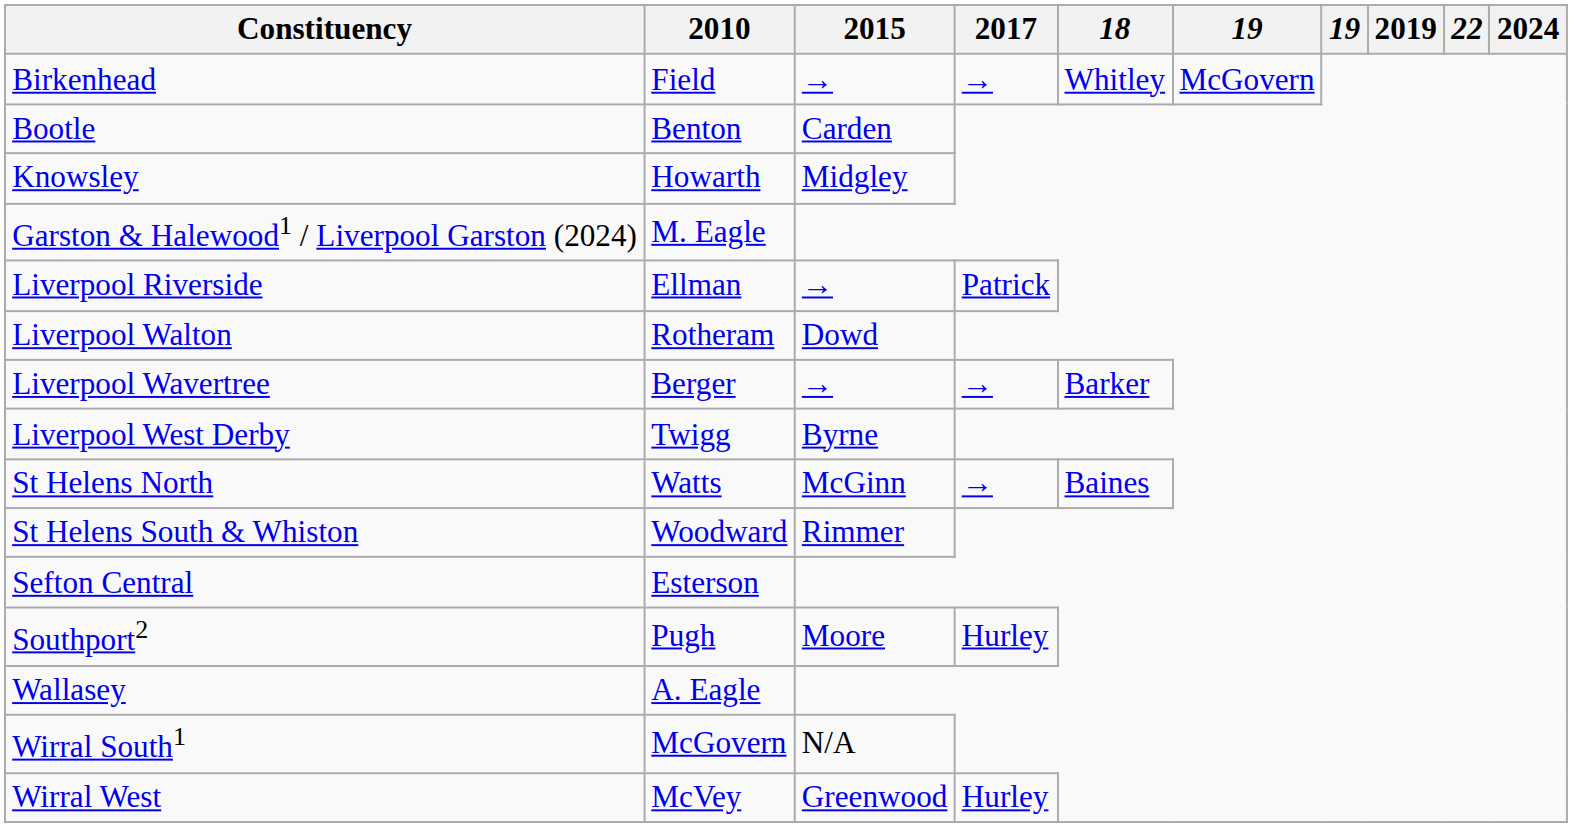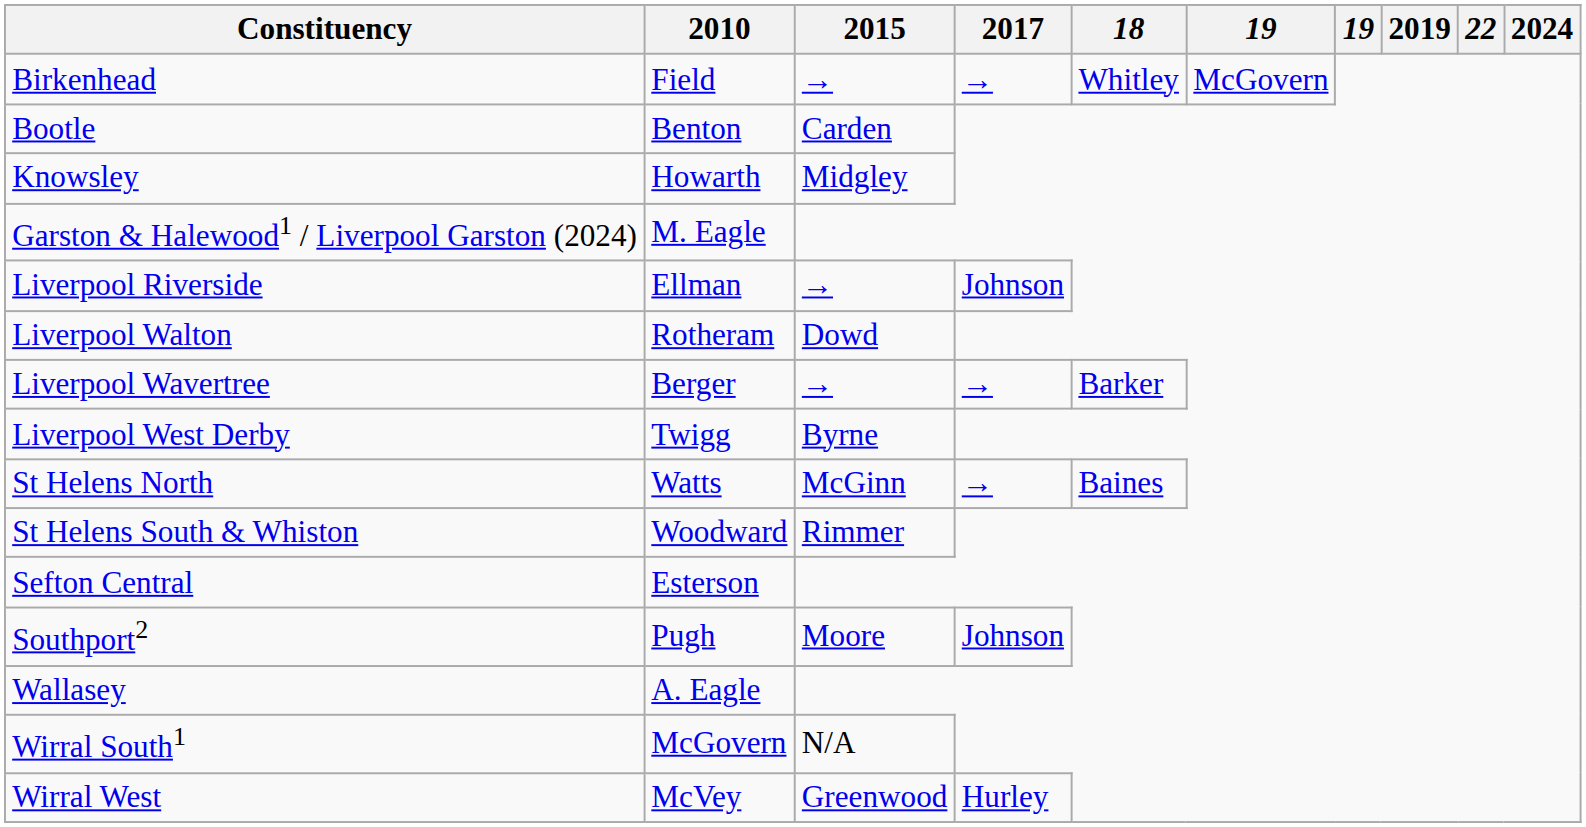 <table class="wikitable">
 <tr>
 <th>Constituency</th>
 <th>2010</th>
 <th>2015</th>
 <th>2017</th>
 <th><em>18</em></th>
 <th><em>19</em></th>
 <th><em>19</em></th>
 <th>2019</th>
 <th><em>22</em></th>
 <th>2024</th>
 </tr>
 <tr>
 <td><a href='#'>Birkenhead</a></td>
 <td><a href='#'>Field</a></td>
 <td><a href='#'>→</a></td>
 <td><a href='#'>→</a></td>
 <td><a href='#'>Whitley</a></td>
 <td><a href='#'>McGovern</a></td>
 </tr>
 <tr>
 <td><a href='#'>Bootle</a></td>
 <td><a href='#'>Benton</a></td>
 <td><a href='#'>Carden</a></td>
 </tr>
 <tr>
 <td><a href='#'>Knowsley</a></td>
 <td><a href='#'>Howarth</a></td>
 <td><a href='#'>Midgley</a></td>
 </tr>
 <tr>
 <td><a href='#'>Garston & Halewood</a><sup>1</sup> / <a href='#'>Liverpool Garston</a> (2024)</td>
 <td><a href='#'>M. Eagle</a></td>
 </tr>
 <tr>
 <td><a href='#'>Liverpool Riverside</a></td>
 <td><a href='#'>Ellman</a></td>
 <td><a href='#'>→</a></td>
-<td><a href='#'>Patrick</a></td>
+<td><a href='#'>Johnson</a></td>
 </tr>
 <tr>
 <td><a href='#'>Liverpool Walton</a></td>
 <td><a href='#'>Rotheram</a></td>
 <td><a href='#'>Dowd</a></td>
 </tr>
 <tr>
 <td><a href='#'>Liverpool Wavertree</a></td>
 <td><a href='#'>Berger</a></td>
 <td><a href='#'>→</a></td>
 <td><a href='#'>→</a></td>
 <td><a href='#'>Barker</a></td>
 </tr>
 <tr>
 <td><a href='#'>Liverpool West Derby</a></td>
 <td><a href='#'>Twigg</a></td>
 <td><a href='#'>Byrne</a></td>
 </tr>
 <tr>
 <td><a href='#'>St Helens North</a></td>
 <td><a href='#'>Watts</a></td>
 <td><a href='#'>McGinn</a></td>
 <td><a href='#'>→</a></td>
 <td><a href='#'>Baines</a></td>
 </tr>
 <tr>
 <td><a href='#'>St Helens South & Whiston</a></td>
 <td><a href='#'>Woodward</a></td>
 <td><a href='#'>Rimmer</a></td>
 </tr>
 <tr>
 <td><a href='#'>Sefton Central</a></td>
 <td><a href='#'>Esterson</a></td>
 </tr>
 <tr>
 <td><a href='#'>Southport</a><sup>2</sup></td>
 <td><a href='#'>Pugh</a></td>
 <td><a href='#'>Moore</a></td>
-<td><a href='#'>Hurley</a></td>
+<td><a href='#'>Johnson</a></td>
 </tr>
 <tr>
 <td><a href='#'>Wallasey</a></td>
 <td><a href='#'>A. Eagle</a></td>
 </tr>
 <tr>
 <td><a href='#'>Wirral South</a><sup>1</sup></td>
 <td><a href='#'>McGovern</a></td>
 <td>N/A</td>
 </tr>
 <tr>
 <td><a href='#'>Wirral West</a></td>
 <td><a href='#'>McVey</a></td>
 <td><a href='#'>Greenwood</a></td>
 <td><a href='#'>Hurley</a></td>
 </tr>
 </table>
